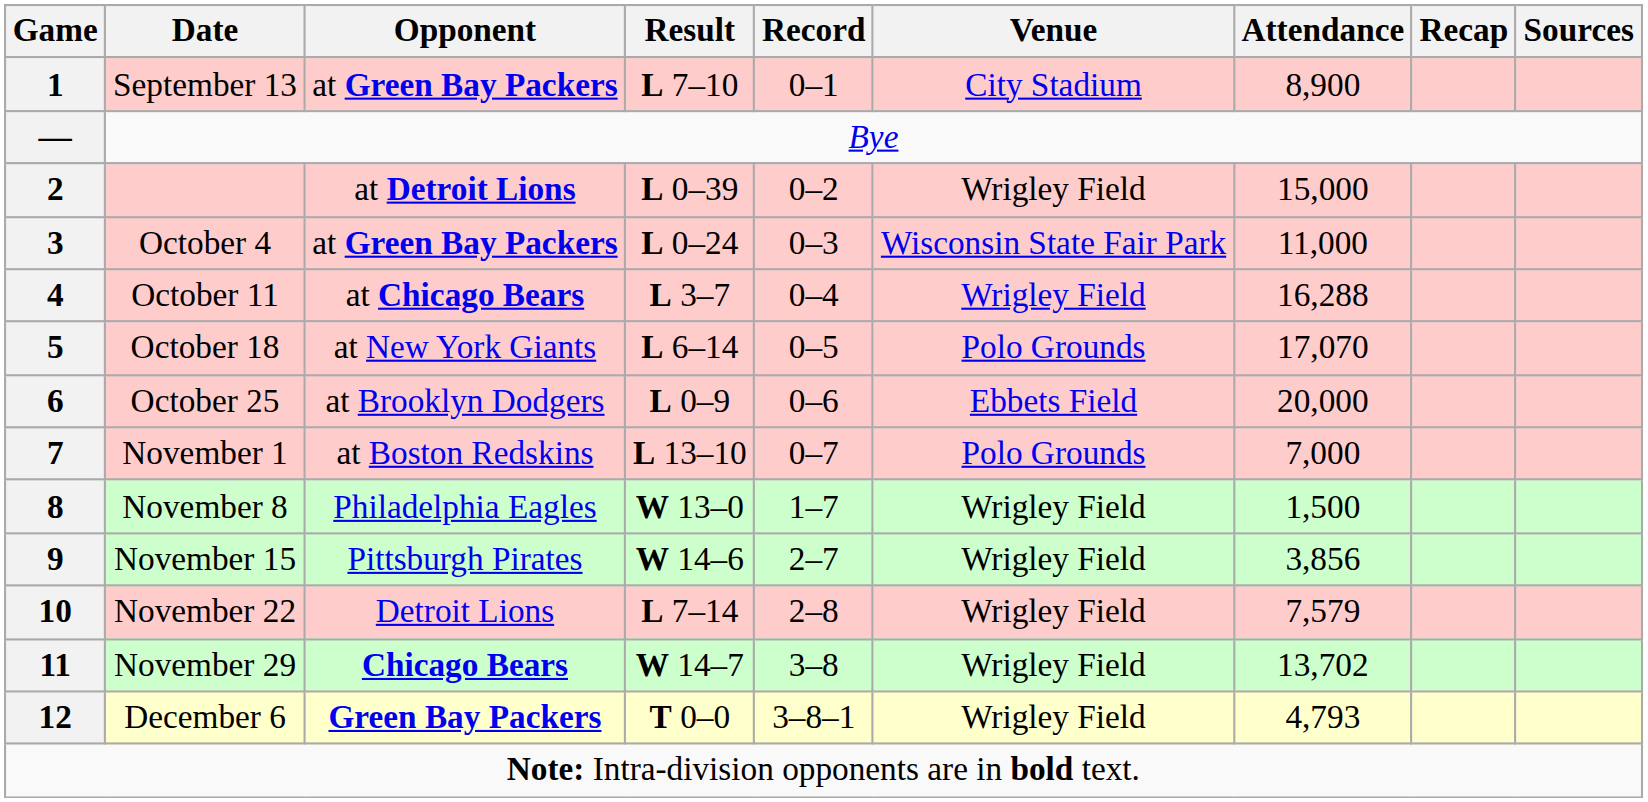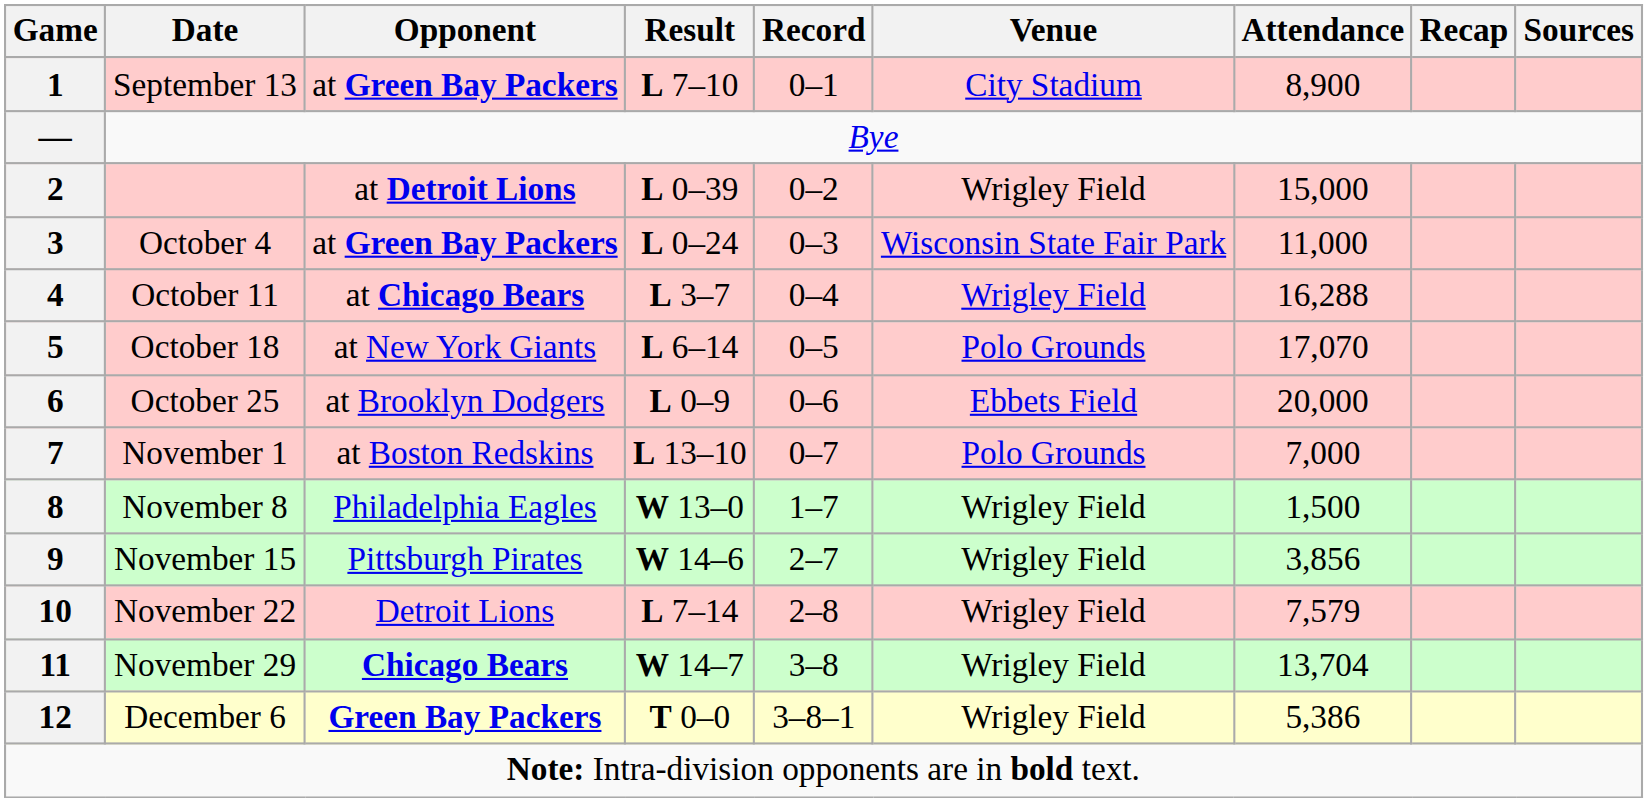 <table class="wikitable" style="text-align:center">
 <tr>
 <th>Game</th>
 <th>Date</th>
 <th>Opponent</th>
 <th>Result</th>
 <th>Record</th>
 <th>Venue</th>
 <th>Attendance</th>
 <th>Recap</th>
 <th>Sources</th>
 </tr>
 <tr style="background:#fcc">
 <th>1</th>
 <td>September 13</td>
 <td>at <strong><a href='#'>Green Bay Packers</a></strong></td>
 <td><strong>L</strong> 7–10</td>
 <td>0–1</td>
 <td><a href='#'>City Stadium</a></td>
 <td>8,900</td>
 <td></td>
 <td></td>
 </tr>
 <tr>
 <th>—</th>
 <td colspan="8"><em><a href='#'>Bye</a></em></td>
 </tr>
 <tr style="background:#fcc">
 <th>2</th>
 <td></td>
 <td>at <strong><a href='#'>Detroit Lions</a></strong></td>
 <td><strong>L</strong> 0–39</td>
 <td>0–2</td>
 <td>Wrigley Field</td>
 <td>15,000</td>
 <td></td>
 <td></td>
 </tr>
 <tr style="background:#fcc">
 <th>3</th>
 <td>October 4</td>
 <td>at <strong><a href='#'>Green Bay Packers</a></strong></td>
 <td><strong>L</strong> 0–24</td>
 <td>0–3</td>
 <td><a href='#'>Wisconsin State Fair Park</a></td>
 <td>11,000</td>
 <td></td>
 <td></td>
 </tr>
 <tr style="background:#fcc">
 <th>4</th>
 <td>October 11</td>
 <td>at <strong><a href='#'>Chicago Bears</a></strong></td>
 <td><strong>L</strong> 3–7</td>
 <td>0–4</td>
 <td><a href='#'>Wrigley Field</a></td>
 <td>16,288</td>
 <td></td>
 <td></td>
 </tr>
 <tr style="background:#fcc">
 <th>5</th>
 <td>October 18</td>
 <td>at <a href='#'>New York Giants</a></td>
 <td><strong>L</strong> 6–14</td>
 <td>0–5</td>
 <td><a href='#'>Polo Grounds</a></td>
 <td>17,070</td>
 <td></td>
 <td></td>
 </tr>
 <tr style="background:#fcc">
 <th>6</th>
 <td>October 25</td>
 <td>at <a href='#'>Brooklyn Dodgers</a></td>
 <td><strong>L</strong> 0–9</td>
 <td>0–6</td>
 <td><a href='#'>Ebbets Field</a></td>
 <td>20,000</td>
 <td></td>
 <td></td>
 </tr>
 <tr style="background:#fcc">
 <th>7</th>
 <td>November 1</td>
 <td>at <a href='#'>Boston Redskins</a></td>
 <td><strong>L</strong> 13–10</td>
 <td>0–7</td>
 <td><a href='#'>Polo Grounds</a></td>
 <td>7,000</td>
 <td></td>
 <td></td>
 </tr>
 <tr style="background:#cfc">
 <th>8</th>
 <td>November 8</td>
 <td><a href='#'>Philadelphia Eagles</a></td>
 <td><strong>W</strong> 13–0</td>
 <td>1–7</td>
 <td>Wrigley Field</td>
 <td>1,500</td>
 <td></td>
 <td></td>
 </tr>
 <tr style="background:#cfc">
 <th>9</th>
 <td>November 15</td>
 <td><a href='#'>Pittsburgh Pirates</a></td>
 <td><strong>W</strong> 14–6</td>
 <td>2–7</td>
 <td>Wrigley Field</td>
 <td>3,856</td>
 <td></td>
 <td></td>
 </tr>
 <tr style="background:#fcc">
 <th>10</th>
 <td>November 22</td>
 <td><a href='#'>Detroit Lions</a></td>
 <td><strong>L</strong> 7–14</td>
 <td>2–8</td>
 <td>Wrigley Field</td>
 <td>7,579</td>
 <td></td>
 <td></td>
 </tr>
 <tr style="background:#cfc">
 <th>11</th>
 <td>November 29</td>
 <td><strong><a href='#'>Chicago Bears</a></strong></td>
 <td><strong>W</strong> 14–7</td>
 <td>3–8</td>
 <td>Wrigley Field</td>
-<td>13,702</td>
+<td>13,704</td>
 <td></td>
 <td></td>
 </tr>
 <tr style="background:#ffc">
 <th>12</th>
 <td>December 6</td>
 <td><strong><a href='#'>Green Bay Packers</a></strong></td>
 <td><strong>T</strong> 0–0</td>
 <td>3–8–1</td>
 <td>Wrigley Field</td>
-<td>4,793</td>
+<td>5,386</td>
 <td></td>
 <td></td>
 </tr>
 <tr>
 <td colspan="10"><strong>Note:</strong> Intra-division opponents are in <strong>bold</strong> text.</td>
 </tr>
 </table>
